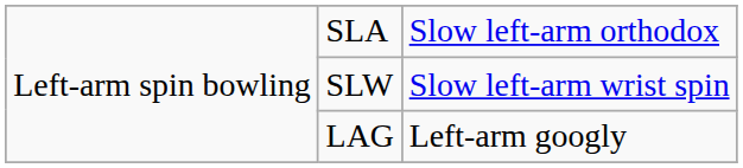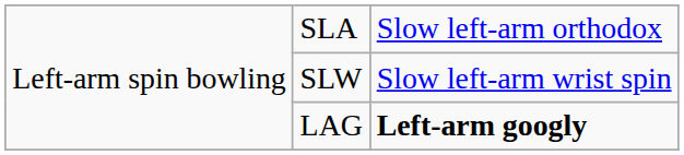 <table class="wikitable">
 <tr>
 <td rowspan="3" align="left">Left-arm spin bowling</td>
 <td>SLA</td>
 <td><a href='#'>Slow left-arm orthodox</a></td>
 </tr>
 <tr>
 <td>SLW</td>
 <td><a href='#'>Slow left-arm wrist spin</a></td>
 </tr>
 <tr>
 <td>LAG</td>
-<td>Left-arm googly</td>
+<td><strong>Left-arm googly</strong></td>
 </tr>
 </table>
